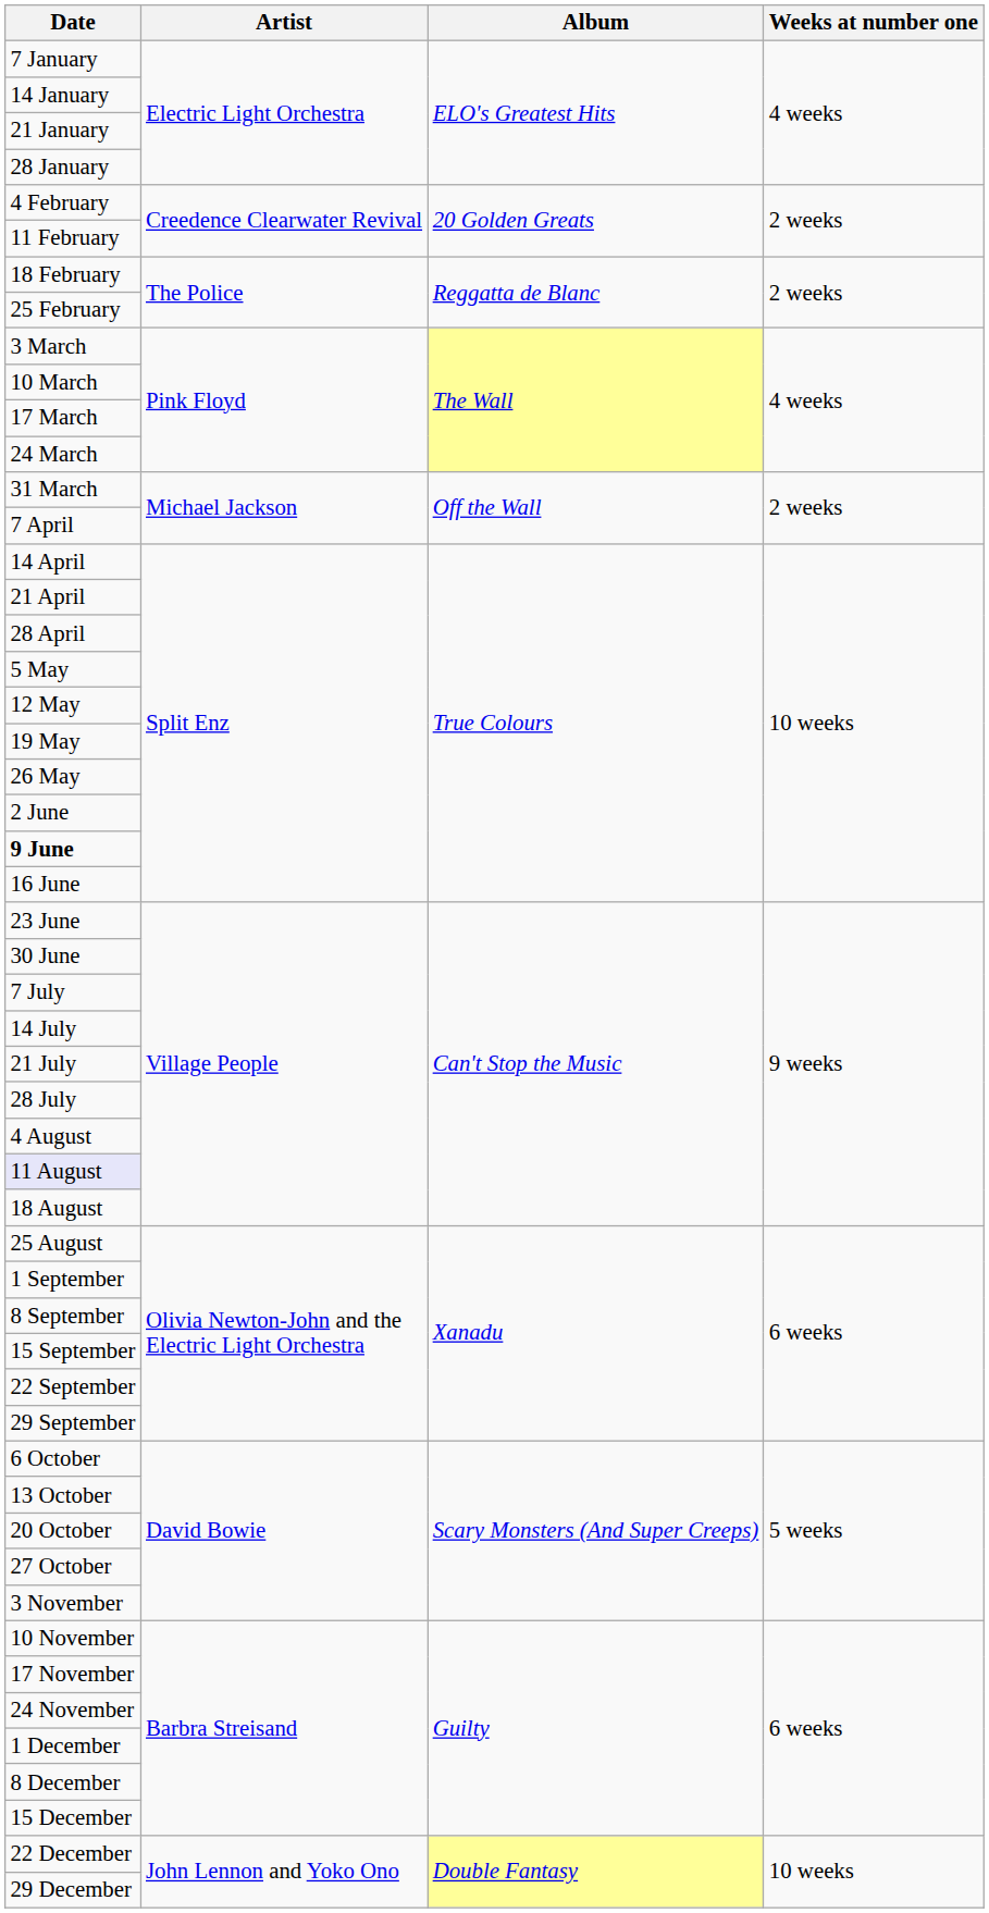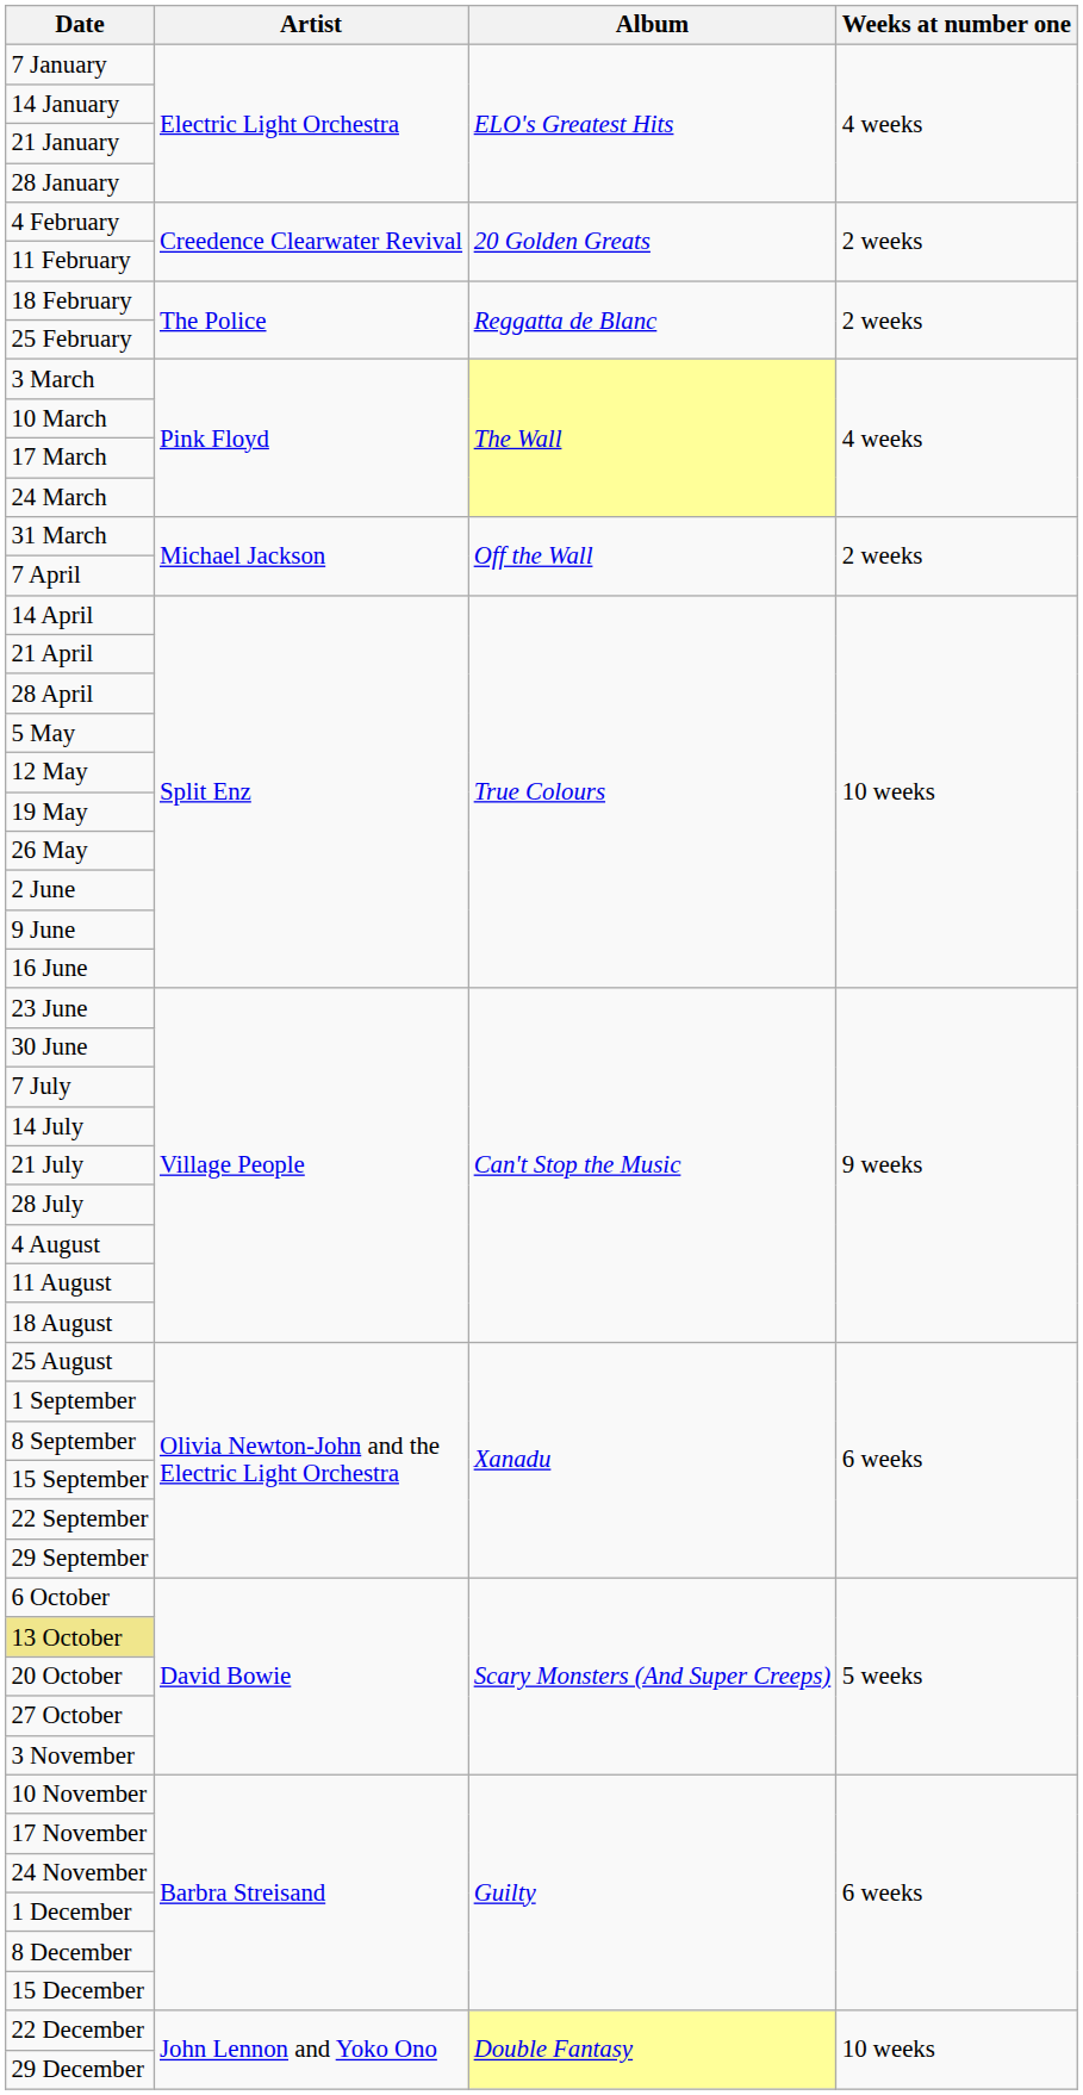 <table class="wikitable">
 <tr>
 <th>Date</th>
 <th>Artist</th>
 <th>Album</th>
 <th>Weeks at number one</th>
 </tr>
 <tr>
 <td>7 January</td>
 <td rowspan="4"><a href='#'>Electric Light Orchestra</a></td>
 <td rowspan="4"><em><a href='#'>ELO's Greatest Hits</a></em></td>
 <td rowspan="4">4 weeks</td>
 </tr>
 <tr>
 <td>14 January</td>
 </tr>
 <tr>
 <td>21 January</td>
 </tr>
 <tr>
 <td>28 January</td>
 </tr>
 <tr>
 <td>4 February</td>
 <td rowspan="2"><a href='#'>Creedence Clearwater Revival</a></td>
 <td rowspan="2"><em><a href='#'>20 Golden Greats</a></em></td>
 <td rowspan="2">2 weeks</td>
 </tr>
 <tr>
 <td>11 February</td>
 </tr>
 <tr>
 <td>18 February</td>
 <td rowspan="2"><a href='#'>The Police</a></td>
 <td rowspan="2"><em><a href='#'>Reggatta de Blanc</a></em></td>
 <td rowspan="2">2 weeks</td>
 </tr>
 <tr>
 <td>25 February</td>
 </tr>
 <tr>
 <td>3 March</td>
 <td rowspan="4"><a href='#'>Pink Floyd</a></td>
 <td bgcolor=#FFFF99 rowspan="4"><em><a href='#'>The Wall</a></em></td>
 <td rowspan="4">4 weeks</td>
 </tr>
 <tr>
 <td>10 March</td>
 </tr>
 <tr>
 <td>17 March</td>
 </tr>
 <tr>
 <td>24 March</td>
 </tr>
 <tr>
 <td>31 March</td>
 <td rowspan="2"><a href='#'>Michael Jackson</a></td>
 <td rowspan="2"><em><a href='#'>Off the Wall</a></em></td>
 <td rowspan="2">2 weeks</td>
 </tr>
 <tr>
 <td>7 April</td>
 </tr>
 <tr>
 <td>14 April</td>
 <td rowspan="10"><a href='#'>Split Enz</a></td>
 <td rowspan="10"><em><a href='#'>True Colours</a></em></td>
 <td rowspan="10">10 weeks</td>
 </tr>
 <tr>
 <td>21 April</td>
 </tr>
 <tr>
 <td>28 April</td>
 </tr>
 <tr>
 <td>5 May</td>
 </tr>
 <tr>
 <td>12 May</td>
 </tr>
 <tr>
 <td>19 May</td>
 </tr>
 <tr>
 <td>26 May</td>
 </tr>
 <tr>
 <td>2 June</td>
 </tr>
 <tr>
-<td><strong>9 June</strong></td>
+<td>9 June</td>
 </tr>
 <tr>
 <td>16 June</td>
 </tr>
 <tr>
 <td>23 June</td>
 <td rowspan="9"><a href='#'>Village People</a></td>
 <td rowspan="9"><em><a href='#'>Can't Stop the Music</a></em></td>
 <td rowspan="9">9 weeks</td>
 </tr>
 <tr>
 <td>30 June</td>
 </tr>
 <tr>
 <td>7 July</td>
 </tr>
 <tr>
 <td>14 July</td>
 </tr>
 <tr>
 <td>21 July</td>
 </tr>
 <tr>
 <td>28 July</td>
 </tr>
 <tr>
 <td>4 August</td>
 </tr>
 <tr>
-<td style="background: lavender;">11 August</td>
+<td>11 August</td>
 </tr>
 <tr>
 <td>18 August</td>
 </tr>
 <tr>
 <td>25 August</td>
 <td rowspan="6"><a href='#'>Olivia Newton-John</a> and the<br><a href='#'>Electric Light Orchestra</a></td>
 <td rowspan="6"><em><a href='#'>Xanadu</a></em></td>
 <td rowspan="6">6 weeks</td>
 </tr>
 <tr>
 <td>1 September</td>
 </tr>
 <tr>
 <td>8 September</td>
 </tr>
 <tr>
 <td>15 September</td>
 </tr>
 <tr>
 <td>22 September</td>
 </tr>
 <tr>
 <td>29 September</td>
 </tr>
 <tr>
 <td>6 October</td>
 <td rowspan="5"><a href='#'>David Bowie</a></td>
 <td rowspan="5"><em><a href='#'>Scary Monsters (And Super Creeps)</a></em></td>
 <td rowspan="5">5 weeks</td>
 </tr>
 <tr>
-<td>13 October</td>
+<td style="background: khaki;">13 October</td>
 </tr>
 <tr>
 <td>20 October</td>
 </tr>
 <tr>
 <td>27 October</td>
 </tr>
 <tr>
 <td>3 November</td>
 </tr>
 <tr>
 <td>10 November</td>
 <td rowspan="6"><a href='#'>Barbra Streisand</a></td>
 <td rowspan="6"><em><a href='#'>Guilty</a></em></td>
 <td rowspan="6">6 weeks</td>
 </tr>
 <tr>
 <td>17 November</td>
 </tr>
 <tr>
 <td>24 November</td>
 </tr>
 <tr>
 <td>1 December</td>
 </tr>
 <tr>
 <td>8 December</td>
 </tr>
 <tr>
 <td>15 December</td>
 </tr>
 <tr>
 <td>22 December</td>
 <td rowspan="2"><a href='#'>John Lennon</a> and <a href='#'>Yoko Ono</a></td>
 <td bgcolor=#FFFF99 rowspan="2"><em><a href='#'>Double Fantasy</a></em></td>
 <td rowspan="2">10 weeks</td>
 </tr>
 <tr>
 <td>29 December</td>
 </tr>
 </table>
